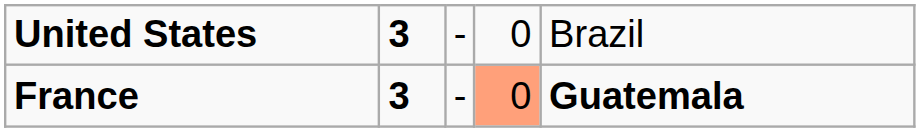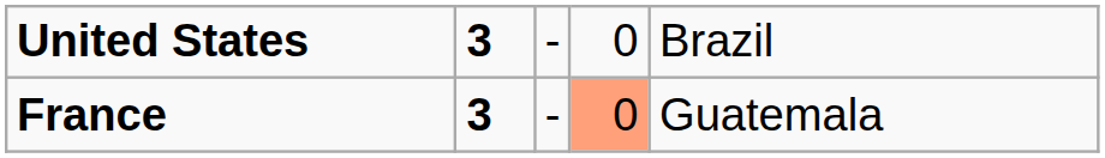 <table class="wikitable">
 <tr>
 <td width=150> <strong>United States</strong></td>
 <td style="width:20px; text-align:left;"><strong>3</strong></td>
 <td>-</td>
 <td style="width:20px; text-align:right;">0</td>
 <td width=150> Brazil</td>
 </tr>
 <tr>
 <td> <strong>France</strong></td>
 <td style="text-align:left;"><strong>3</strong></td>
 <td>-</td>
 <td style="background: lightsalmon; text-align:right;">0</td>
-<td><strong> Guatemala</strong></td>
+<td> Guatemala</td>
 </tr>
 </table>
